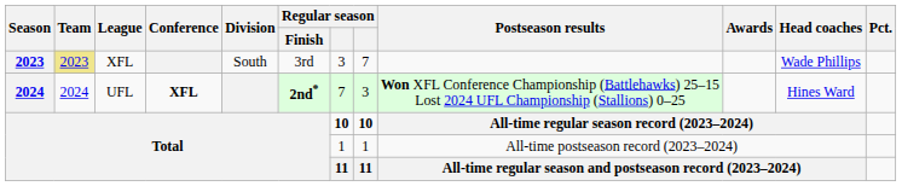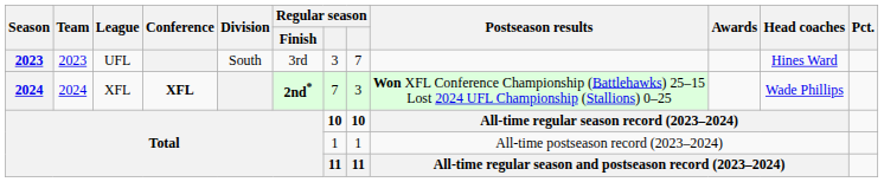 <table class="wikitable" style="text-align:center">
 <tr>
 <th rowspan="2">Season</th>
 <th rowspan="2">Team</th>
 <th rowspan="2">League</th>
 <th rowspan="2">Conference</th>
 <th rowspan="2">Division</th>
 <th colspan="3">Regular season</th>
 <th rowspan="2">Postseason results</th>
 <th rowspan="2">Awards</th>
 <th rowspan="2">Head coaches</th>
 <th rowspan="2">Pct.</th>
 </tr>
 <tr>
 <th>Finish</th>
 <th></th>
 <th></th>
 </tr>
 <tr>
 <th><a href='#'>2023</a></th>
-<td style="background: khaki;"><a href='#'>2023</a></td>
-<td>XFL</td>
+<td><a href='#'>2023</a></td>
+<td>UFL</td>
 <th></th>
 <td>South</td>
 <td>3rd</td>
 <td>3</td>
 <td>7</td>
 <td></td>
 <td></td>
-<td><a href='#'>Wade Phillips</a></td>
+<td><a href='#'>Hines Ward</a></td>
 <td></td>
 </tr>
 <tr>
 <th><a href='#'>2024</a></th>
 <td><a href='#'>2024</a></td>
-<td>UFL</td>
+<td>XFL</td>
 <td><strong>XFL</strong></td>
 <th></th>
 <td bgcolor="#ddffdd"><strong>2nd<sup>*</sup></strong></td>
 <td bgcolor="#ddffdd">7</td>
 <td bgcolor="#ddffdd">3</td>
 <td bgcolor="#ddffdd"><strong>Won</strong> XFL Conference Championship (<a href='#'>Battlehawks</a>) 25–15<br>Lost <a href='#'>2024 UFL Championship</a> (<a href='#'>Stallions</a>) 0–25</td>
 <td></td>
-<td><a href='#'>Hines Ward</a></td>
+<td><a href='#'>Wade Phillips</a></td>
 <td></td>
 </tr>
 <tr>
 <th rowspan="4" colspan="6">Total</th>
 <td><strong>10</strong></td>
 <td><strong>10</strong></td>
 <th colspan="3">All-time regular season record (2023–2024)</th>
 <td></td>
 </tr>
 <tr>
 <td>1</td>
 <td>1</td>
 <td colspan="3">All-time postseason record (2023–2024)</td>
 <td></td>
 </tr>
 <tr>
 <th>11</th>
 <th>11</th>
 <th colspan="3">All-time regular season and postseason record (2023–2024)</th>
 <td></td>
 </tr>
 </table>
